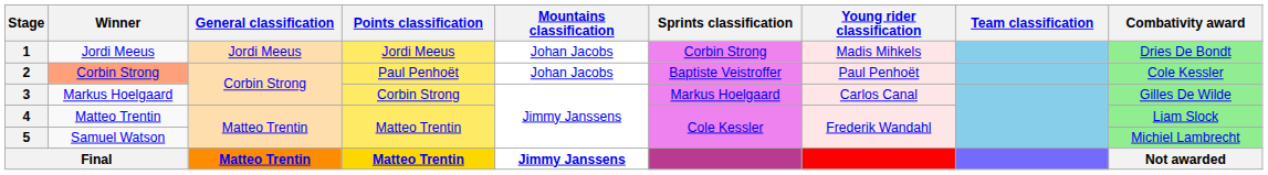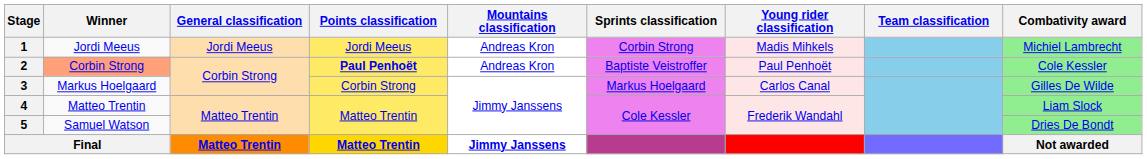 <table class="wikitable" style="text-align: center; font-size:smaller;">
 <tr style="background:#efefef;">
 <th scope="col" style="width:1%;">Stage</th>
 <th scope="col" style="width:11.5%;">Winner</th>
 <th scope="col" style="width:12.5%;"><a href='#'>General classification</a><br></th>
 <th scope="col" style="width:12.5%;"><a href='#'>Points classification</a><br></th>
 <th scope="col" style="width:12.5%;"><a href='#'>Mountains classification</a><br></th>
 <th scope="col" style="width:12.5%;">Sprints classification<br></th>
 <th scope="col" style="width:12.5%;"><a href='#'>Young rider classification</a><br></th>
 <th scope="col" style="width:12.5%;"><a href='#'>Team classification</a></th>
 <th scope="col" style="width:12.5%;">Combativity award</th>
 </tr>
 <tr>
 <th>1</th>
 <td><a href='#'>Jordi Meeus</a></td>
 <td style="background:navajowhite;"><a href='#'>Jordi Meeus</a></td>
 <td style="background:#FFEA66;"><a href='#'>Jordi Meeus</a></td>
-<td style="background:white;"><a href='#'>Johan Jacobs</a></td>
+<td style="background:white;"><a href='#'>Andreas Kron</a></td>
 <td style="background:violet;"><a href='#'>Corbin Strong</a></td>
 <td style="background:#FFE6E6;"><a href='#'>Madis Mihkels</a></td>
 <td style="background:skyblue;"></td>
-<td style="background:lightgreen;"><a href='#'>Dries De Bondt</a></td>
+<td style="background:lightgreen;"><a href='#'>Michiel Lambrecht</a></td>
 </tr>
 <tr>
 <th>2</th>
 <td style="background: lightsalmon;"><a href='#'>Corbin Strong</a></td>
 <td style="background:navajowhite;" rowspan=2><a href='#'>Corbin Strong</a></td>
-<td style="background:#FFEA66;"><a href='#'>Paul Penhoët</a></td>
-<td style="background:white;"><a href='#'>Johan Jacobs</a></td>
+<td style="background:#FFEA66;"><strong><a href='#'>Paul Penhoët</a></strong></td>
+<td style="background:white;"><a href='#'>Andreas Kron</a></td>
 <td style="background:violet;"><a href='#'>Baptiste Veistroffer</a></td>
 <td style="background:#FFE6E6;"><a href='#'>Paul Penhoët</a></td>
 <td style="background:skyblue;"></td>
 <td style="background:lightgreen;"><a href='#'>Cole Kessler</a></td>
 </tr>
 <tr>
 <th>3</th>
 <td><a href='#'>Markus Hoelgaard</a></td>
 <td style="background:#FFEA66;"><a href='#'>Corbin Strong</a></td>
 <td style="background:white;" rowspan=3><a href='#'>Jimmy Janssens</a></td>
 <td style="background:violet;"><a href='#'>Markus Hoelgaard</a></td>
 <td style="background:#FFE6E6;"><a href='#'>Carlos Canal</a></td>
 <td style="background:skyblue;" rowspan=3></td>
 <td style="background:lightgreen;"><a href='#'>Gilles De Wilde</a></td>
 </tr>
 <tr>
 <th>4</th>
 <td><a href='#'>Matteo Trentin</a></td>
 <td style="background:navajowhite;" rowspan=2><a href='#'>Matteo Trentin</a></td>
 <td style="background:#FFEA66;" rowspan=2><a href='#'>Matteo Trentin</a></td>
 <td style="background:violet;" rowspan=2><a href='#'>Cole Kessler</a></td>
 <td style="background:#FFE6E6;" rowspan=2><a href='#'>Frederik Wandahl</a></td>
 <td style="background:lightgreen;"><a href='#'>Liam Slock</a></td>
 </tr>
 <tr>
 <th>5</th>
 <td><a href='#'>Samuel Watson</a></td>
-<td style="background:lightgreen;"><a href='#'>Michiel Lambrecht</a></td>
+<td style="background:lightgreen;"><a href='#'>Dries De Bondt</a></td>
 </tr>
 <tr>
 <th colspan="2">Final</th>
 <th style="background:#FF8C00;"><a href='#'>Matteo Trentin</a></th>
 <th style="background:gold;"><a href='#'>Matteo Trentin</a></th>
 <th style="background:white;"><a href='#'>Jimmy Janssens</a></th>
 <th style="background:#B93B8F;"></th>
 <th style="background:#f00;"></th>
 <th style="background:#736aff;"></th>
 <th>Not awarded</th>
 </tr>
 </table>
